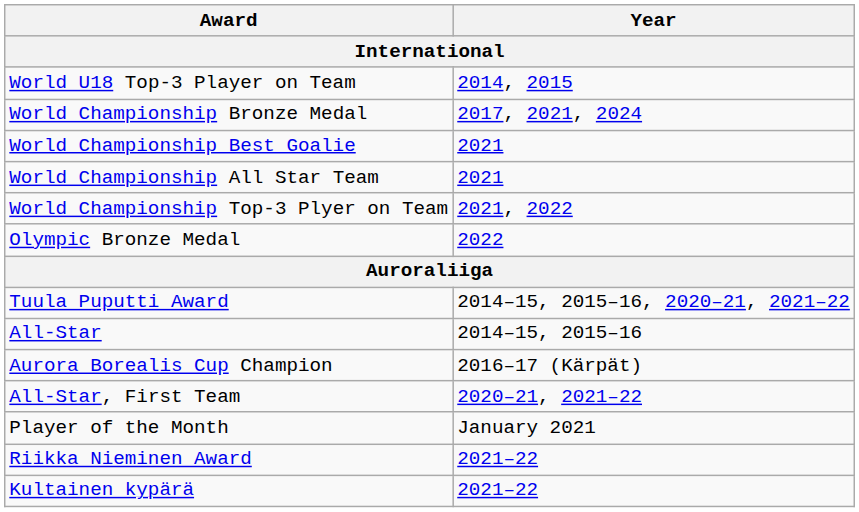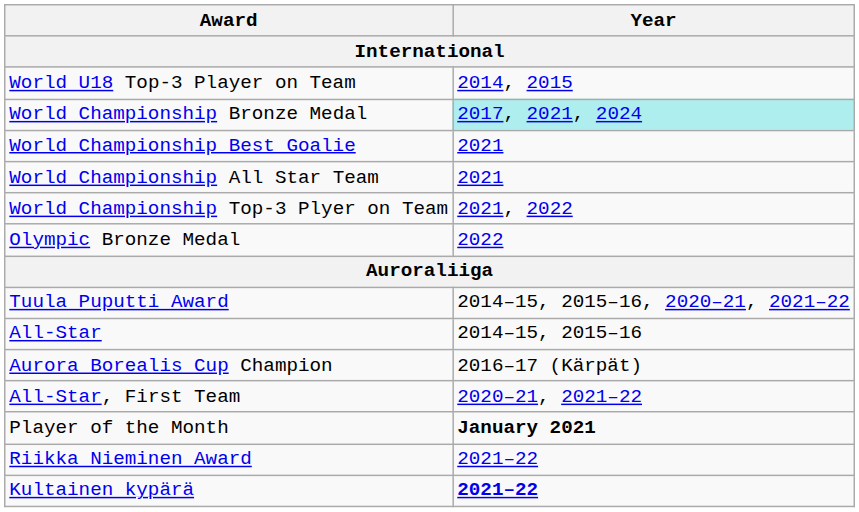 <table class="wikitable">
 <tr>
 <th scope="col">Award</th>
 <th scope="col">Year</th>
 </tr>
 <tr>
 <th colspan="2">International</th>
 </tr>
 <tr>
 <td><a href='#'>World U18</a> Top-3 Player on Team</td>
 <td><a href='#'>2014</a>, <a href='#'>2015</a></td>
 </tr>
 <tr>
 <td><a href='#'>World Championship</a> Bronze Medal</td>
-<td><a href='#'>2017</a>, <a href='#'>2021</a>, <a href='#'>2024</a></td>
+<td style="background: paleturquoise;"><a href='#'>2017</a>, <a href='#'>2021</a>, <a href='#'>2024</a></td>
 </tr>
 <tr>
 <td><a href='#'>World Championship Best Goalie</a></td>
 <td><a href='#'>2021</a></td>
 </tr>
 <tr>
 <td><a href='#'>World Championship</a> All Star Team</td>
 <td><a href='#'>2021</a></td>
 </tr>
 <tr>
 <td><a href='#'>World Championship</a> Top-3 Plyer on Team</td>
 <td><a href='#'>2021</a>, <a href='#'>2022</a></td>
 </tr>
 <tr>
 <td><a href='#'>Olympic</a> Bronze Medal</td>
 <td><a href='#'>2022</a></td>
 </tr>
 <tr>
 <th colspan="2">Auroraliiga</th>
 </tr>
 <tr>
 <td><a href='#'>Tuula Puputti Award</a></td>
 <td>2014–15, 2015–16, <a href='#'>2020–21</a>, <a href='#'>2021–22</a></td>
 </tr>
 <tr>
 <td><a href='#'>All-Star</a></td>
 <td>2014–15, 2015–16</td>
 </tr>
 <tr>
 <td><a href='#'>Aurora Borealis Cup</a> Champion</td>
 <td>2016–17 (Kärpät)</td>
 </tr>
 <tr>
 <td><a href='#'>All-Star</a>, First Team</td>
 <td><a href='#'>2020–21</a>, <a href='#'>2021–22</a></td>
 </tr>
 <tr>
 <td>Player of the Month</td>
-<td>January 2021</td>
+<td><strong>January 2021</strong></td>
 </tr>
 <tr>
 <td><a href='#'>Riikka Nieminen Award</a></td>
 <td><a href='#'>2021–22</a></td>
 </tr>
 <tr>
 <td><a href='#'>Kultainen kypärä</a></td>
-<td><a href='#'>2021–22</a></td>
+<td><strong><a href='#'>2021–22</a></strong></td>
 </tr>
 </table>
